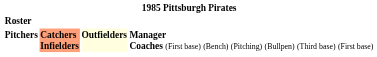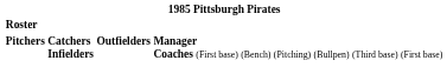 <table class="toccolours" style="font-size: 95%;">
 <tr>
 <th colspan="10" style=>1985 Pittsburgh Pirates</th>
 </tr>
 <tr>
 <td colspan="10"><strong>Roster</strong></td>
 </tr>
 <tr>
 <td valign="top"><strong>Pitchers</strong><br>                 </td>
-<td valign="top" style="background: lightsalmon;"><strong>Catchers</strong><br>   <strong>Infielders</strong>             </td>
-<td valign="top" style="background: lightyellow;"><strong>Outfielders</strong><br>         </td>
+<td valign="top"><strong>Catchers</strong><br>   <strong>Infielders</strong>             </td>
+<td valign="top"><strong>Outfielders</strong><br>         </td>
 <td valign="top"><strong>Manager</strong><br> <strong>Coaches</strong>  <small>(First base)</small>  <small>(Bench)</small>  <small>(Pitching)</small>  <small>(Bullpen)</small>  <small>(Third base)</small>  <small>(First base)</small></td>
 </tr>
 </table>
